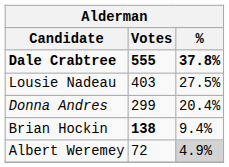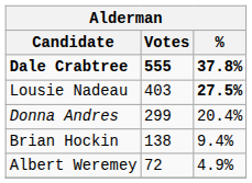 <table class="wikitable collapsible collapsed" align="right">
 <tr>
 <th colspan=3>Alderman</th>
 </tr>
 <tr>
 <th>Candidate</th>
 <th>Votes</th>
 <th>%</th>
 </tr>
 <tr>
 <td><strong>Dale Crabtree</strong></td>
 <td><strong>555</strong></td>
 <td><strong>37.8%</strong></td>
 </tr>
 <tr>
 <td>Lousie Nadeau</td>
 <td>403</td>
-<td>27.5%</td>
+<td><strong>27.5%</strong></td>
 </tr>
 <tr>
 <td><em>Donna Andres</em></td>
 <td>299</td>
 <td>20.4%</td>
 </tr>
 <tr>
 <td>Brian Hockin</td>
-<td><strong>138</strong></td>
+<td>138</td>
 <td>9.4%</td>
 </tr>
 <tr>
 <td>Albert Weremey</td>
 <td>72</td>
-<td style="background: lightgrey;">4.9%</td>
+<td>4.9%</td>
 </tr>
 <tr>
 </tr>
 </table>
